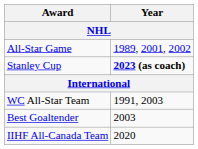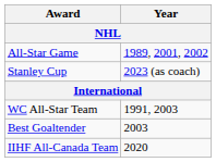 <table class="wikitable">
 <tr>
 <th>Award</th>
 <th>Year</th>
 </tr>
 <tr>
 <th colspan="3"><a href='#'>NHL</a></th>
 </tr>
 <tr>
 <td><a href='#'>All-Star Game</a></td>
 <td><a href='#'>1989</a>, <a href='#'>2001</a>, <a href='#'>2002</a></td>
 </tr>
 <tr>
 <td><a href='#'>Stanley Cup</a></td>
-<td><strong><a href='#'>2023</a> (as coach)</strong></td>
+<td><a href='#'>2023</a> (as coach)</td>
 </tr>
 <tr>
 <th colspan="3"><a href='#'>International</a></th>
 </tr>
 <tr>
 <td><a href='#'>WC</a> All-Star Team</td>
 <td>1991, 2003</td>
 </tr>
 <tr>
 <td><a href='#'>Best Goaltender</a></td>
 <td>2003</td>
 </tr>
 <tr>
 <td><a href='#'>IIHF All-Canada Team</a></td>
 <td>2020</td>
 </tr>
 </table>
